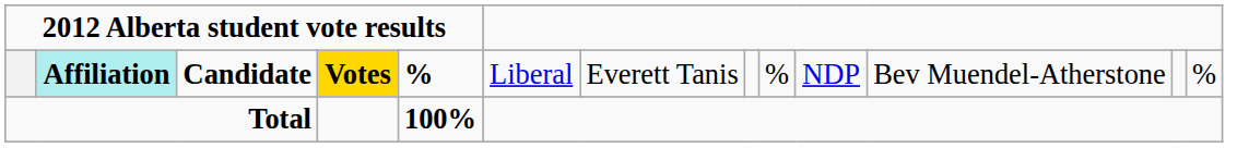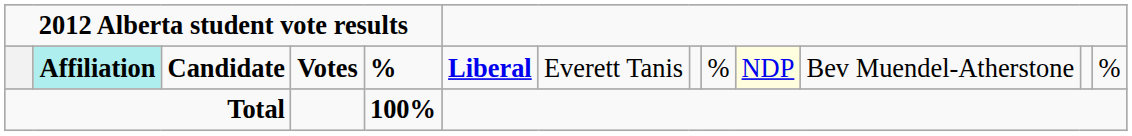 <table class="wikitable">
 <tr>
 <td colspan="5" align=center><strong>2012 Alberta student vote results</strong></td>
 </tr>
 <tr>
 <th style="width: 10px;"></th>
 <td style="background: paleturquoise;"><strong>Affiliation</strong></td>
 <td><strong>Candidate</strong></td>
-<td style="background: gold;"><strong>Votes</strong></td>
+<td><strong>Votes</strong></td>
 <td><strong>%</strong><br>  </td>
-<td><a href='#'>Liberal</a></td>
+<td><strong><a href='#'>Liberal</a></strong></td>
 <td>Everett Tanis</td>
 <td></td>
 <td>%<br></td>
-<td><a href='#'>NDP</a></td>
+<td style="background: lightyellow;"><a href='#'>NDP</a></td>
 <td>Bev Muendel-Atherstone</td>
 <td></td>
 <td>%</td>
 </tr>
 <tr>
 <td colspan="3" align="right"><strong>Total</strong></td>
 <td></td>
 <td><strong>100%</strong></td>
 </tr>
 </table>
